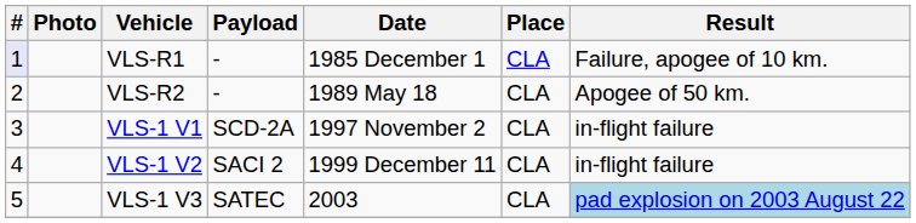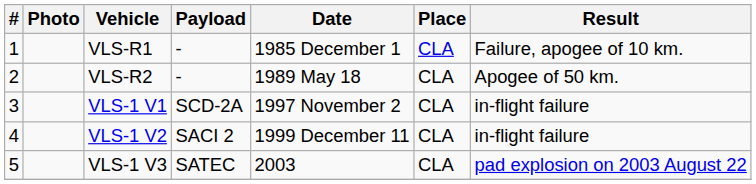 <table class="wikitable">
 <tr>
 <th>#</th>
 <th>Photo</th>
 <th>Vehicle</th>
 <th>Payload</th>
 <th>Date</th>
 <th>Place</th>
 <th>Result</th>
 </tr>
 <tr>
-<td style="background: lavender;">1</td>
+<td>1</td>
 <td></td>
 <td>VLS-R1</td>
 <td>-</td>
 <td>1985 December 1</td>
 <td><a href='#'>CLA</a></td>
 <td>Failure, apogee of 10 km.</td>
 </tr>
 <tr>
 <td>2</td>
 <td></td>
 <td>VLS-R2</td>
 <td>-</td>
 <td>1989 May 18</td>
 <td>CLA</td>
 <td>Apogee of 50 km.</td>
 </tr>
 <tr>
 <td>3</td>
 <td></td>
 <td><a href='#'>VLS-1 V1</a></td>
 <td>SCD-2A</td>
 <td>1997 November 2</td>
 <td>CLA</td>
 <td>in-flight failure</td>
 </tr>
 <tr>
 <td>4</td>
 <td></td>
 <td><a href='#'>VLS-1 V2</a></td>
 <td>SACI 2</td>
 <td>1999 December 11</td>
 <td>CLA</td>
 <td>in-flight failure</td>
 </tr>
 <tr>
 <td>5</td>
 <td></td>
 <td>VLS-1 V3</td>
 <td>SATEC</td>
 <td>2003</td>
 <td>CLA</td>
-<td style="background: lightblue;"><a href='#'>pad explosion on 2003 August 22</a></td>
+<td><a href='#'>pad explosion on 2003 August 22</a></td>
 </tr>
 <tr>
 </tr>
 </table>
